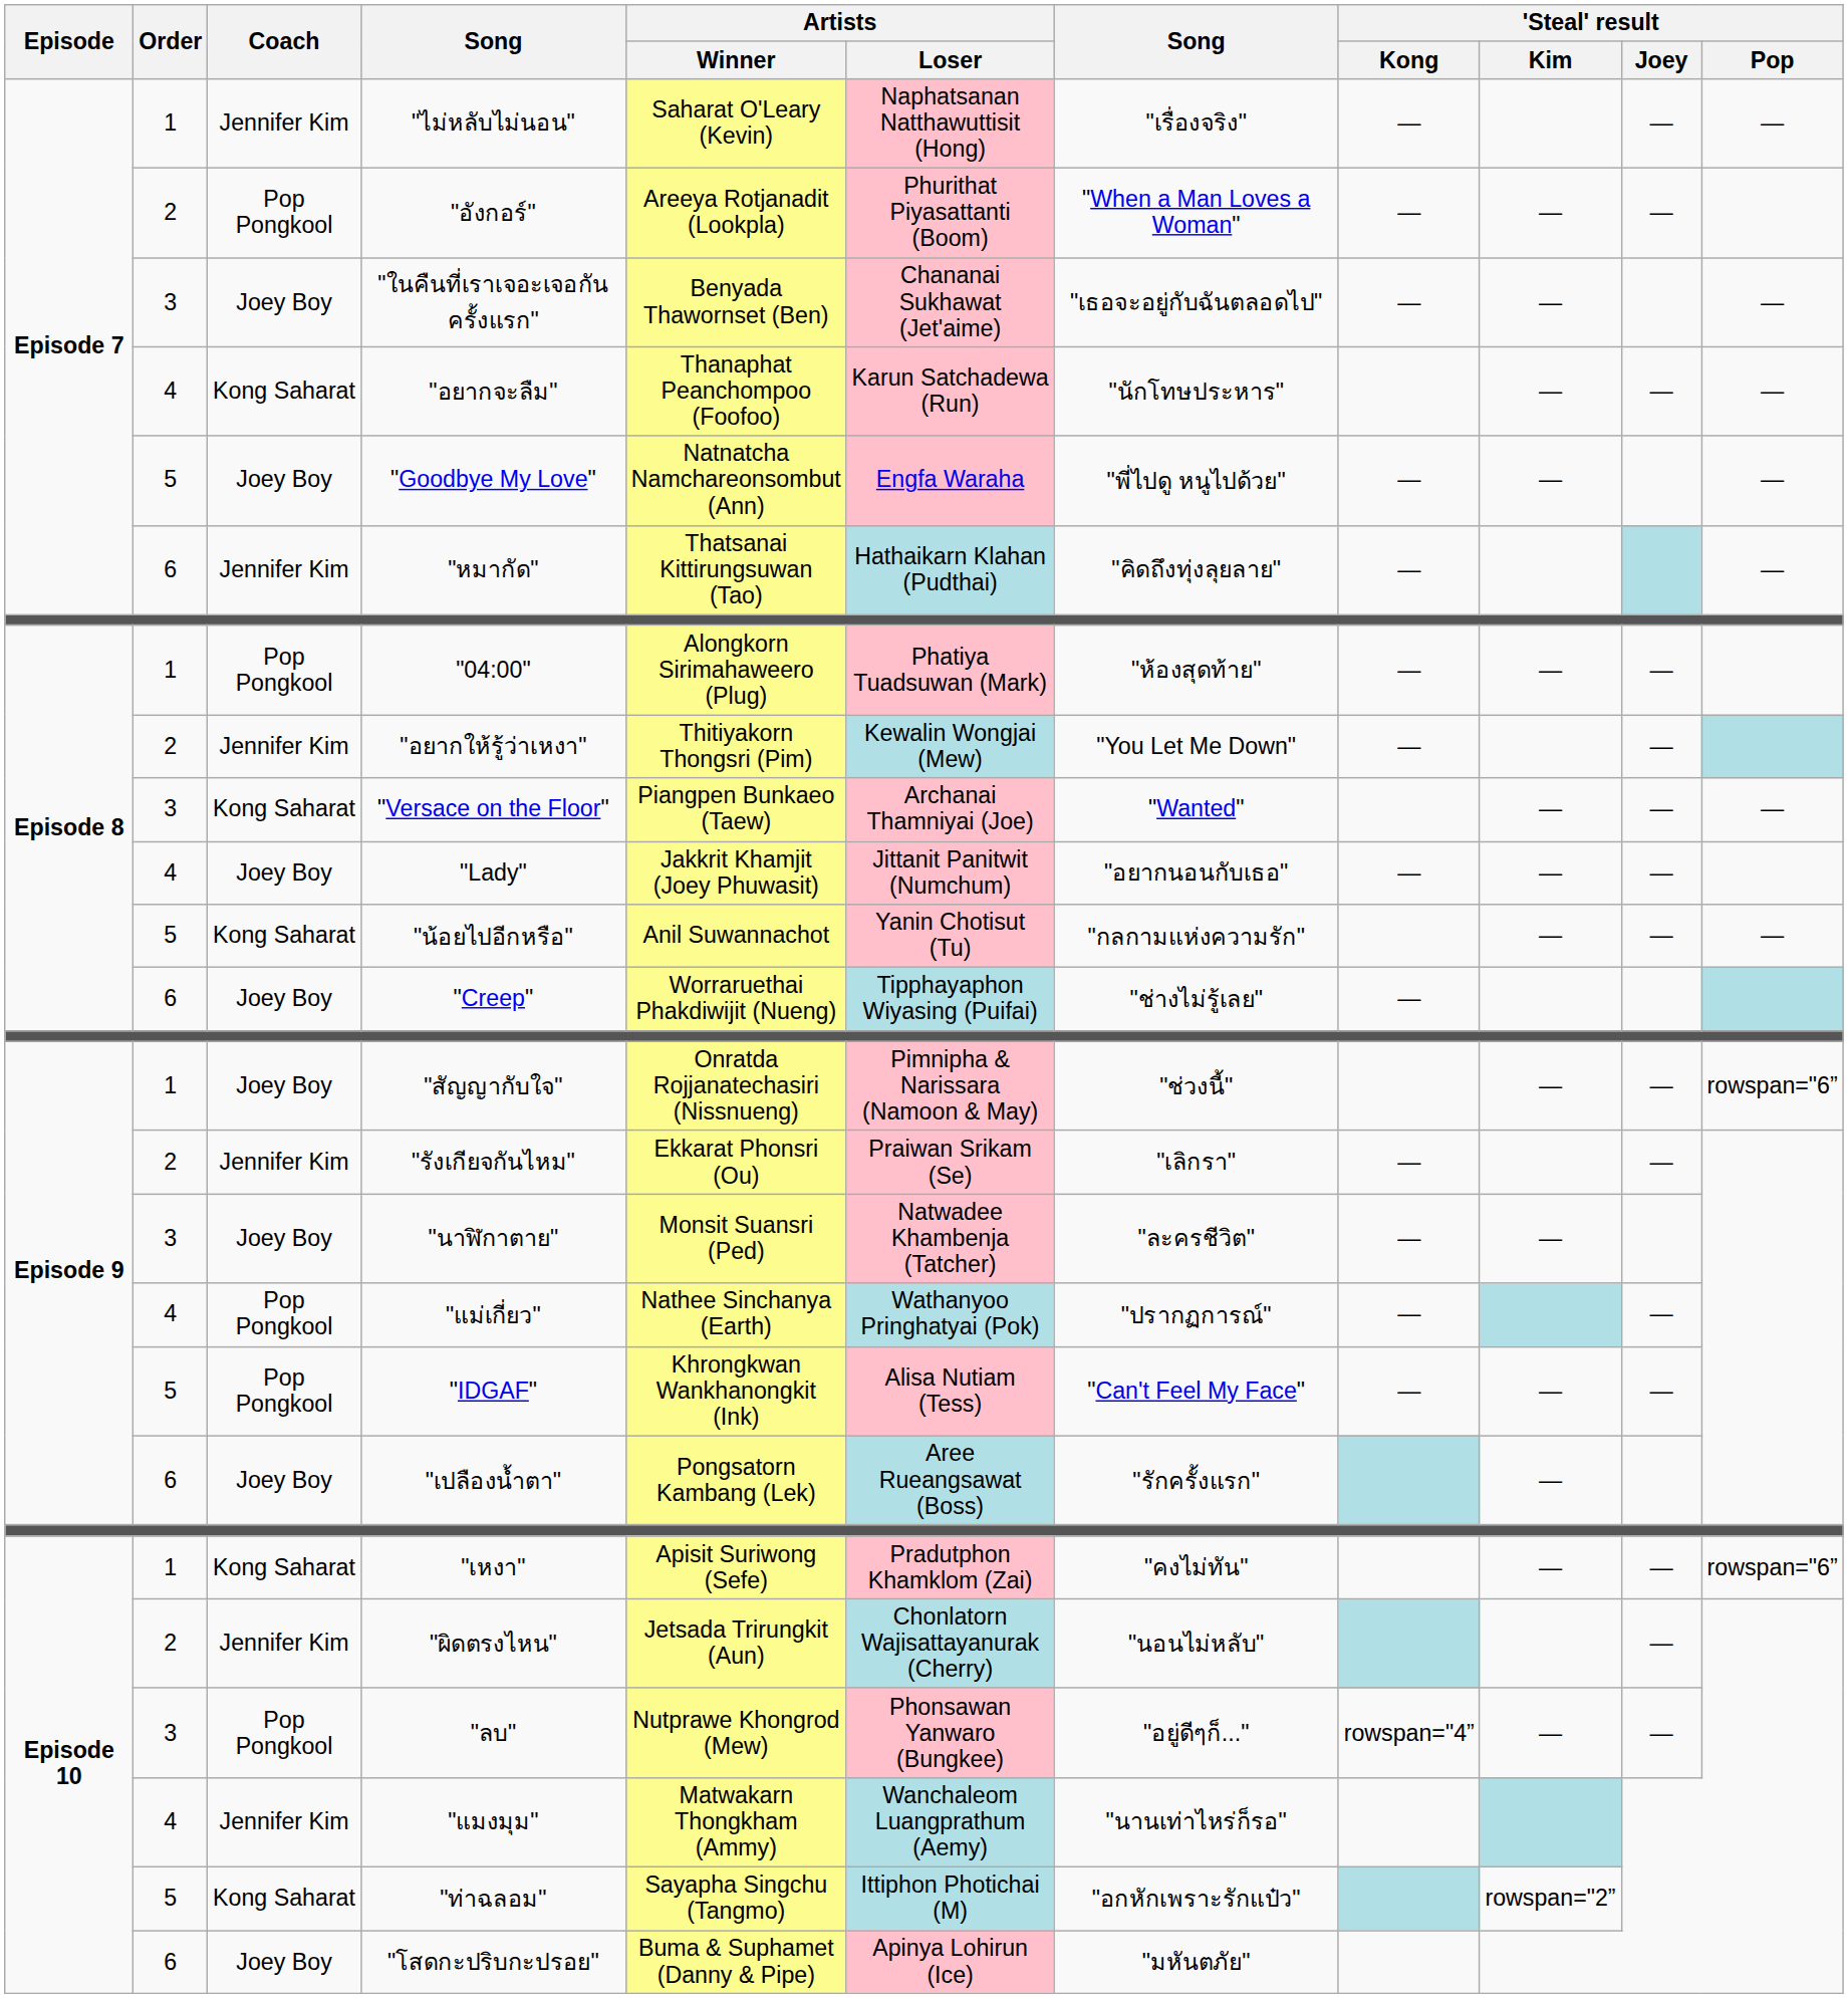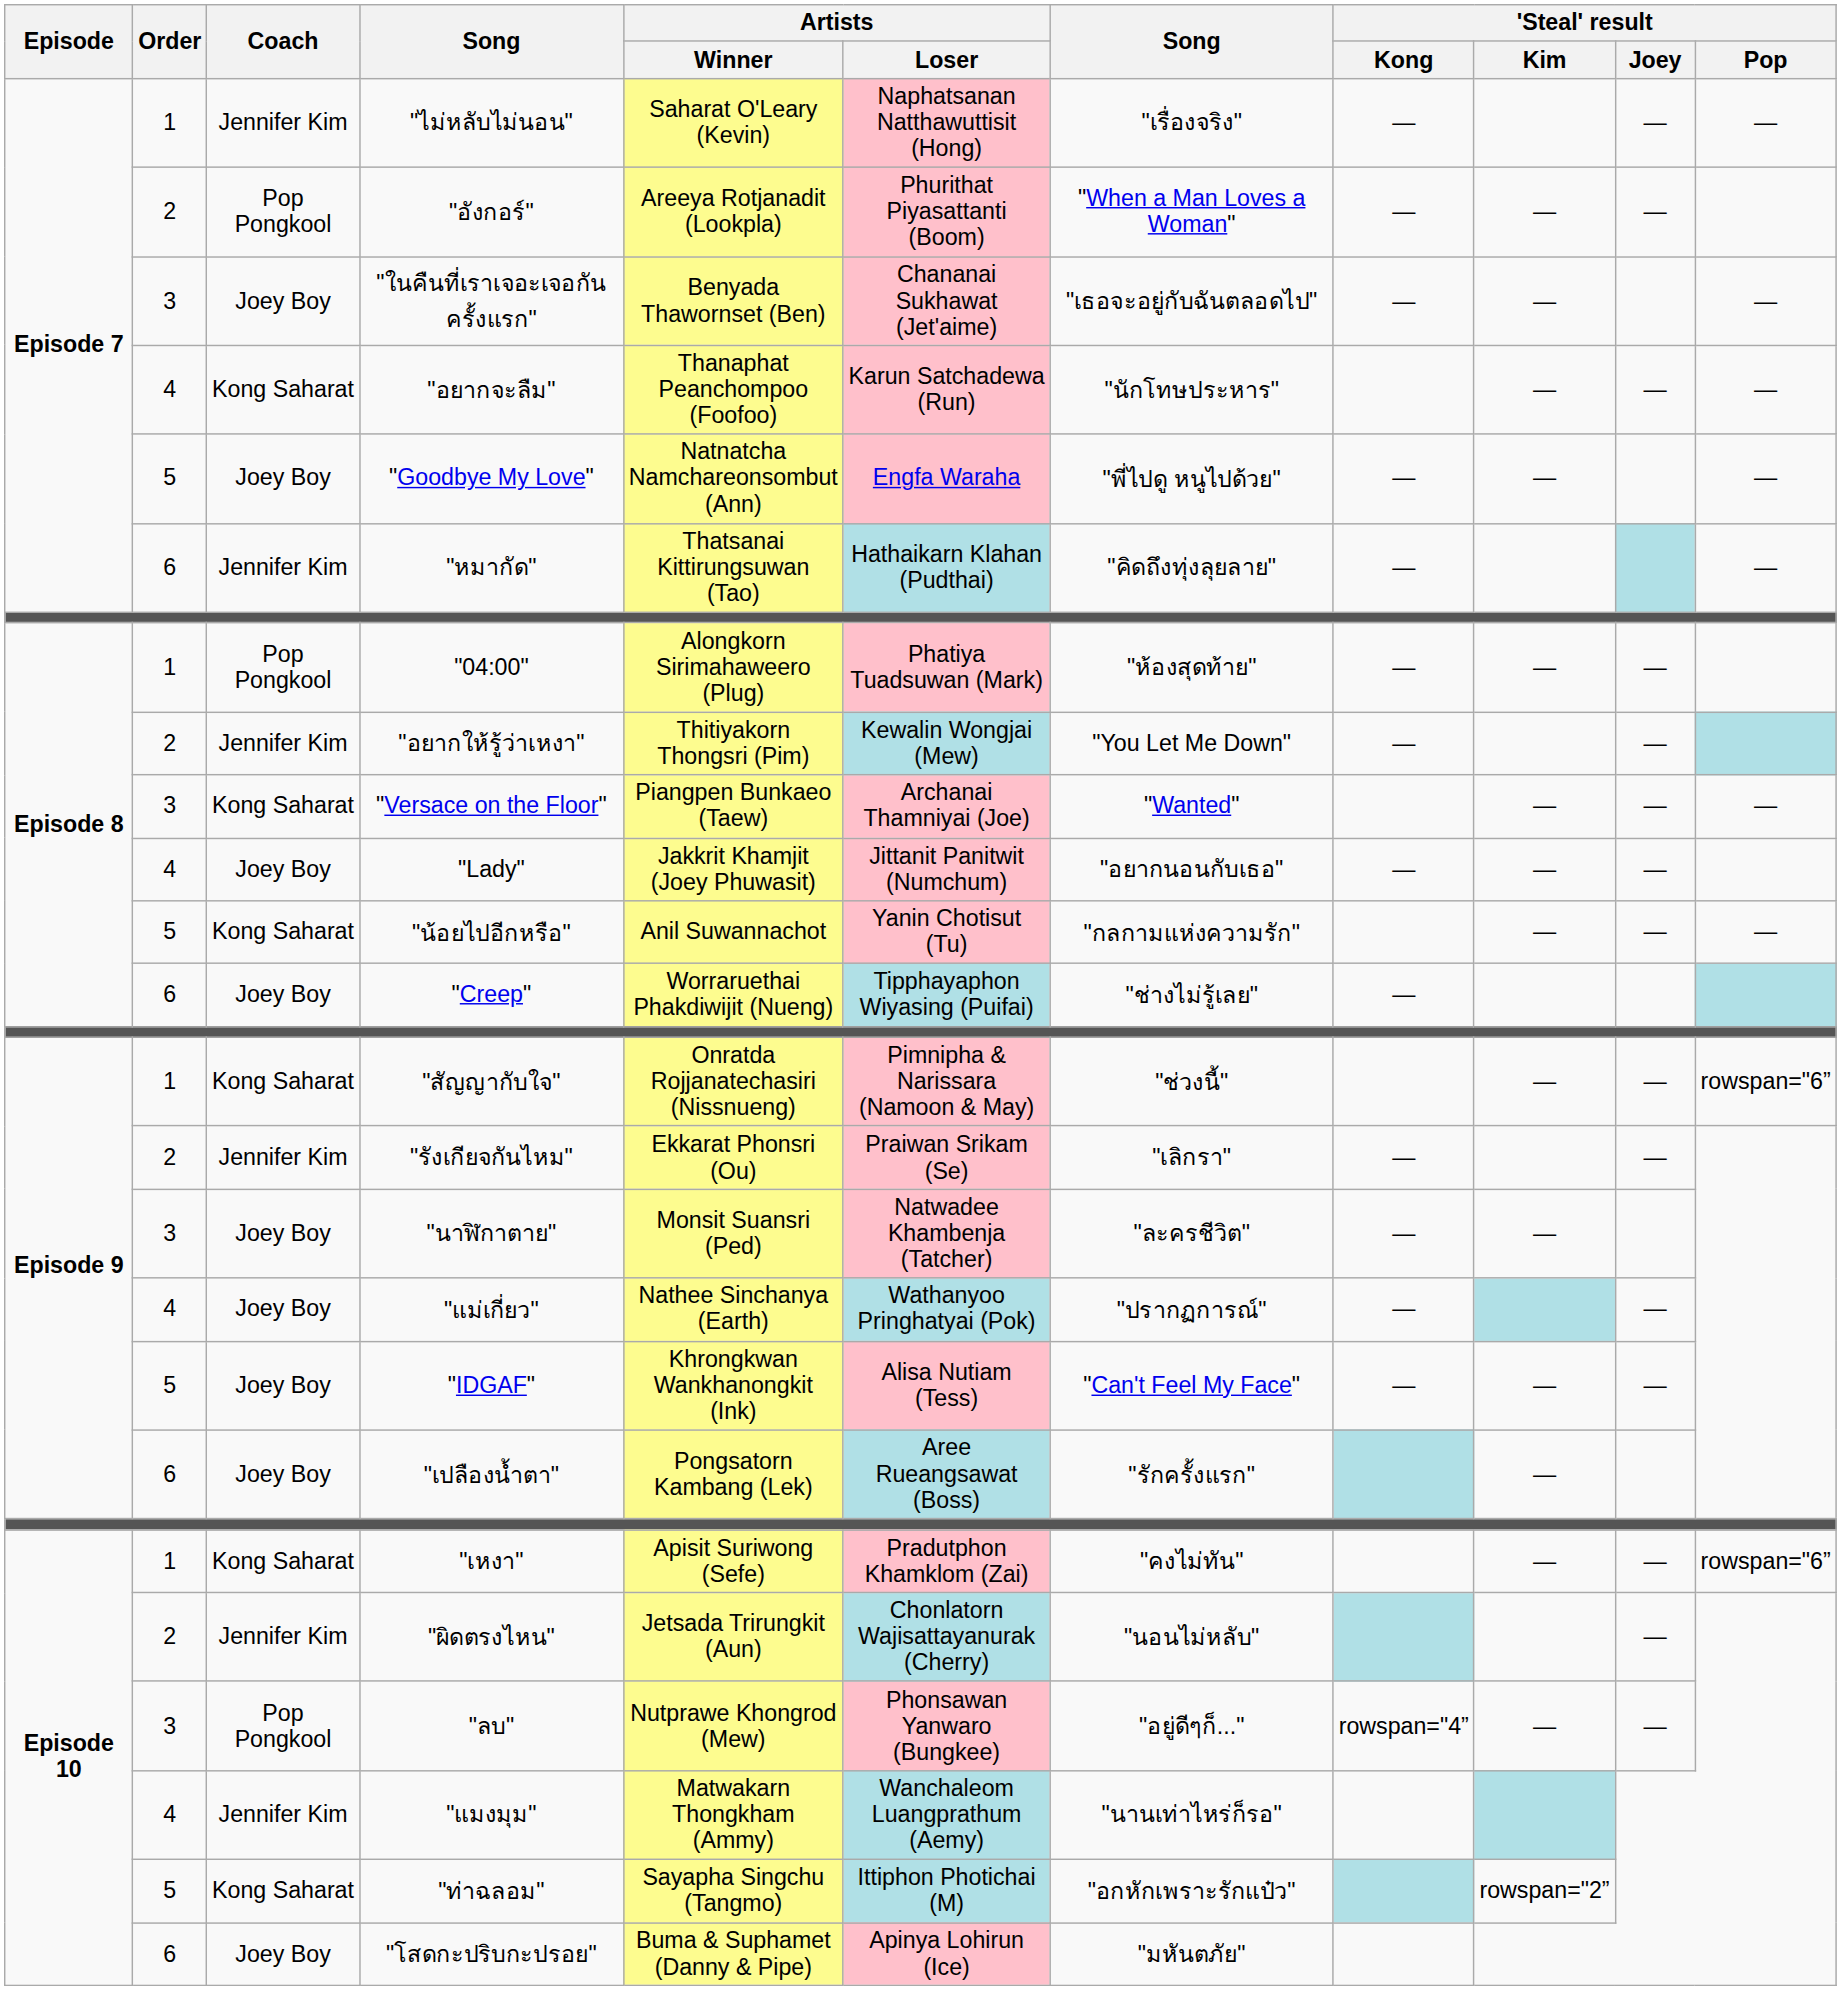 <table class="wikitable" style="text-align: center; width:100%;">
 <tr>
 <th rowspan="2" style="width:08%;">Episode</th>
 <th rowspan="2" style="width:01%;">Order</th>
 <th rowspan="2" style="width:10%;">Coach</th>
 <th rowspan="2" style="width:20%;">Song</th>
 <th colspan="2" style="width:22%;">Artists</th>
 <th rowspan="2" style="width:20%;">Song</th>
 <th colspan="4" style="width:20%;">'Steal' result</th>
 </tr>
 <tr>
 <th style="width:12%;">Winner</th>
 <th style="width:12%;">Loser</th>
 <th style="width:05%;">Kong</th>
 <th style="width:05%;">Kim</th>
 <th style="width:05%;">Joey</th>
 <th style="width:05%;">Pop</th>
 </tr>
 <tr>
 <td ! rowspan="6"><strong>Episode 7</strong> <br><small></small></td>
 <td>1</td>
 <td>Jennifer Kim</td>
 <td>"ไม่หลับไม่นอน"</td>
 <td style="background:#fdfc8f">Saharat O'Leary (Kevin)</td>
 <td style="background:pink">Naphatsanan Natthawuttisit (Hong)</td>
 <td>"เรื่องจริง"</td>
 <td>—</td>
 <td></td>
 <td>—</td>
 <td>—</td>
 </tr>
 <tr>
 <td>2</td>
 <td>Pop Pongkool</td>
 <td>"อังกอร์"</td>
 <td style="background:#fdfc8f">Areeya Rotjanadit (Lookpla)</td>
 <td style="background:pink">Phurithat Piyasattanti (Boom)</td>
 <td>"<a href='#'>When a Man Loves a Woman</a>"</td>
 <td>—</td>
 <td>—</td>
 <td>—</td>
 <td></td>
 </tr>
 <tr>
 <td>3</td>
 <td>Joey Boy</td>
 <td>"ในคืนที่เราเจอะเจอกันครั้งแรก"</td>
 <td style="background:#fdfc8f">Benyada Thawornset (Ben)</td>
 <td style="background:pink">Chananai Sukhawat (Jet'aime)</td>
 <td>"เธอจะอยู่กับฉันตลอดไป"</td>
 <td>—</td>
 <td>—</td>
 <td></td>
 <td>—</td>
 </tr>
 <tr>
 <td>4</td>
 <td>Kong Saharat</td>
 <td>"อยากจะลืม"</td>
 <td style="background:#fdfc8f">Thanaphat Peanchompoo (Foofoo)</td>
 <td style="background:pink">Karun Satchadewa (Run)</td>
 <td>"นักโทษประหาร"</td>
 <td></td>
 <td>—</td>
 <td>—</td>
 <td>—</td>
 </tr>
 <tr>
 <td>5</td>
 <td>Joey Boy</td>
 <td>"<a href='#'>Goodbye My Love</a>"</td>
 <td style="background:#fdfc8f">Natnatcha Namchareonsombut (Ann)</td>
 <td style="background:pink"><a href='#'>Engfa Waraha</a></td>
 <td>"พี่ไปดู หนูไปด้วย"</td>
 <td>—</td>
 <td>—</td>
 <td></td>
 <td>—</td>
 </tr>
 <tr>
 <td>6</td>
 <td>Jennifer Kim</td>
 <td>"หมากัด"</td>
 <td style="background:#fdfc8f">Thatsanai Kittirungsuwan (Tao)</td>
 <td style="background:#b0e0e6">Hathaikarn Klahan (Pudthai)</td>
 <td>"คิดถึงทุ่งลุยลาย"</td>
 <td>—</td>
 <td></td>
 <td style="background:#b0e0e6"></td>
 <td>—</td>
 </tr>
 <tr>
 <td colspan="11" style="background:#555555;"></td>
 </tr>
 <tr>
 <td ! rowspan="6"><strong>Episode 8</strong> <br><small></small></td>
 <td>1</td>
 <td>Pop Pongkool</td>
 <td>"04:00"</td>
 <td style="background:#fdfc8f">Alongkorn Sirimahaweero (Plug)</td>
 <td style="background:pink">Phatiya Tuadsuwan (Mark)</td>
 <td>"ห้องสุดท้าย"</td>
 <td>—</td>
 <td>—</td>
 <td>—</td>
 <td></td>
 </tr>
 <tr>
 <td>2</td>
 <td>Jennifer Kim</td>
 <td>"อยากให้รู้ว่าเหงา"</td>
 <td style="background:#fdfc8f">Thitiyakorn Thongsri (Pim)</td>
 <td style="background:#b0e0e6">Kewalin Wongjai (Mew)</td>
 <td>"You Let Me Down"</td>
 <td>—</td>
 <td></td>
 <td>—</td>
 <td style="background:#b0e0e6"></td>
 </tr>
 <tr>
 <td>3</td>
 <td>Kong Saharat</td>
 <td>"<a href='#'>Versace on the Floor</a>"</td>
 <td style="background:#fdfc8f">Piangpen Bunkaeo (Taew)</td>
 <td style="background:pink">Archanai Thamniyai (Joe)</td>
 <td>"<a href='#'>Wanted</a>"</td>
 <td></td>
 <td>—</td>
 <td>—</td>
 <td>—</td>
 </tr>
 <tr>
 <td>4</td>
 <td>Joey Boy</td>
 <td>"Lady"</td>
 <td style="background:#fdfc8f">Jakkrit Khamjit (Joey Phuwasit)</td>
 <td style="background:pink">Jittanit Panitwit (Numchum)</td>
 <td>"อยากนอนกับเธอ"</td>
 <td>—</td>
 <td>—</td>
 <td>—</td>
 <td></td>
 </tr>
 <tr>
 <td>5</td>
 <td>Kong Saharat</td>
 <td>"น้อยไปอีกหรือ"</td>
 <td style="background:#fdfc8f">Anil Suwannachot</td>
 <td style="background:pink">Yanin Chotisut (Tu)</td>
 <td>"กลกามแห่งความรัก"</td>
 <td></td>
 <td>—</td>
 <td>—</td>
 <td>—</td>
 </tr>
 <tr>
 <td>6</td>
 <td>Joey Boy</td>
 <td>"<a href='#'>Creep</a>"</td>
 <td style="background:#fdfc8f">Worraruethai Phakdiwijit (Nueng)</td>
 <td style="background:#b0e0e6">Tipphayaphon Wiyasing (Puifai)</td>
 <td>"ช่างไม่รู้เลย"</td>
 <td>—</td>
 <td></td>
 <td></td>
 <td style="background:#b0e0e6"></td>
 </tr>
 <tr>
 <td colspan="11" style="background:#555555;"></td>
 </tr>
 <tr>
 <td rowspan="6"><strong>Episode 9</strong> <br><small><br></small></td>
 <td>1</td>
-<td>Joey Boy</td>
+<td>Kong Saharat</td>
 <td>"สัญญากับใจ"</td>
 <td style="background:#fdfc8f">Onratda Rojjanatechasiri (Nissnueng)</td>
 <td style="background:pink">Pimnipha & Narissara (Namoon & May)</td>
 <td>"ช่วงนี้"</td>
 <td></td>
 <td>—</td>
 <td>—</td>
 <td>rowspan="6” </td>
 </tr>
 <tr>
 <td>2</td>
 <td>Jennifer Kim</td>
 <td>"รังเกียจกันไหม"</td>
 <td style="background:#fdfc8f">Ekkarat Phonsri (Ou)</td>
 <td style="background:pink">Praiwan Srikam (Se)</td>
 <td>"เลิกรา"</td>
 <td>—</td>
 <td></td>
 <td>—</td>
 </tr>
 <tr>
 <td>3</td>
 <td>Joey Boy</td>
 <td>"นาฬิกาตาย"</td>
 <td style="background:#fdfc8f">Monsit Suansri (Ped)</td>
 <td style="background:pink">Natwadee Khambenja (Tatcher)</td>
 <td>"ละครชีวิต"</td>
 <td>—</td>
 <td>—</td>
 <td></td>
 </tr>
 <tr>
 <td>4</td>
-<td>Pop Pongkool</td>
+<td>Joey Boy</td>
 <td>"แม่เกี่ยว"</td>
 <td style="background:#fdfc8f">Nathee Sinchanya (Earth)</td>
 <td style="background:#b0e0e6">Wathanyoo Pringhatyai (Pok)</td>
 <td>"ปรากฏการณ์"</td>
 <td>—</td>
 <td style="background:#b0e0e6"></td>
 <td>—</td>
 </tr>
 <tr>
 <td>5</td>
-<td>Pop Pongkool</td>
+<td>Joey Boy</td>
 <td>"<a href='#'>IDGAF</a>"</td>
 <td style="background:#fdfc8f">Khrongkwan Wankhanongkit (Ink)</td>
 <td style="background:pink">Alisa Nutiam (Tess)</td>
 <td>"<a href='#'>Can't Feel My Face</a>"</td>
 <td>—</td>
 <td>—</td>
 <td>—</td>
 </tr>
 <tr>
 <td>6</td>
 <td>Joey Boy</td>
 <td>"เปลืองน้ำตา"</td>
 <td style="background:#fdfc8f">Pongsatorn Kambang (Lek)</td>
 <td style="background:#b0e0e6">Aree Rueangsawat (Boss)</td>
 <td>"รักครั้งแรก"</td>
 <td style="background:#b0e0e6"></td>
 <td>—</td>
 <td></td>
 </tr>
 <tr>
 <td colspan="11" style="background:#555555;"></td>
 </tr>
 <tr>
 <td rowspan="6"><strong>Episode 10</strong> <br><small></small></td>
 <td>1</td>
 <td>Kong Saharat</td>
 <td>"เหงา"</td>
 <td style="background:#fdfc8f">Apisit Suriwong (Sefe)</td>
 <td style="background:pink">Pradutphon Khamklom (Zai)</td>
 <td>"คงไม่ทัน"</td>
 <td></td>
 <td>—</td>
 <td>—</td>
 <td>rowspan="6” </td>
 </tr>
 <tr>
 <td>2</td>
 <td>Jennifer Kim</td>
 <td>"ผิดตรงไหน"</td>
 <td style="background:#fdfc8f">Jetsada Trirungkit (Aun)</td>
 <td style="background:#b0e0e6">Chonlatorn Wajisattayanurak (Cherry)</td>
 <td>"นอนไม่หลับ"</td>
 <td style="background:#b0e0e6"></td>
 <td></td>
 <td>—</td>
 </tr>
 <tr>
 <td>3</td>
 <td>Pop Pongkool</td>
 <td>"ลบ"</td>
 <td style="background:#fdfc8f">Nutprawe Khongrod (Mew)</td>
 <td style="background:pink">Phonsawan Yanwaro (Bungkee)</td>
 <td>"อยู่ดีๆก็..."</td>
 <td>rowspan="4” </td>
 <td>—</td>
 <td>—</td>
 </tr>
 <tr>
 <td>4</td>
 <td>Jennifer Kim</td>
 <td>"แมงมุม"</td>
 <td style="background:#fdfc8f">Matwakarn Thongkham (Ammy)</td>
 <td style="background:#b0e0e6">Wanchaleom Luangprathum (Aemy)</td>
 <td>"นานเท่าไหร่ก็รอ"</td>
 <td></td>
 <td style="background:#b0e0e6"></td>
 </tr>
 <tr>
 <td>5</td>
 <td>Kong Saharat</td>
 <td>"ท่าฉลอม"</td>
 <td style="background:#fdfc8f">Sayapha Singchu (Tangmo)</td>
 <td style="background:#b0e0e6">Ittiphon Photichai (M)</td>
 <td>"อกหักเพราะรักแป๋ว"</td>
 <td style="background:#b0e0e6"></td>
 <td>rowspan="2” </td>
 </tr>
 <tr>
 <td>6</td>
 <td>Joey Boy</td>
 <td>"โสดกะปริบกะปรอย"</td>
 <td style="background:#fdfc8f">Buma & Suphamet (Danny & Pipe)</td>
 <td style="background:pink">Apinya Lohirun (Ice)</td>
 <td>"มหันตภัย"</td>
 <td></td>
 </tr>
 </table>
